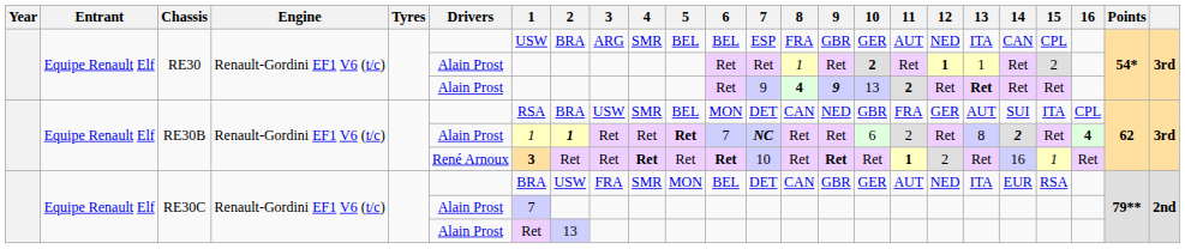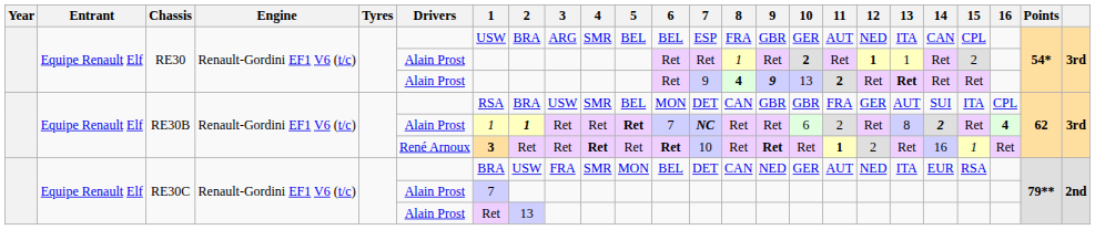 <table class="wikitable" style="text-align:center; font-size:95%">
 <tr>
 <th>Year</th>
 <th>Entrant</th>
 <th>Chassis</th>
 <th>Engine</th>
 <th>Tyres</th>
 <th>Drivers</th>
 <th>1</th>
 <th>2</th>
 <th>3</th>
 <th>4</th>
 <th>5</th>
 <th>6</th>
 <th>7</th>
 <th>8</th>
 <th>9</th>
 <th>10</th>
 <th>11</th>
 <th>12</th>
 <th>13</th>
 <th>14</th>
 <th>15</th>
 <th>16</th>
 <th>Points</th>
 <th></th>
 </tr>
 <tr>
 <th rowspan="3"></th>
 <td rowspan="3"><a href='#'>Equipe Renault</a> <a href='#'>Elf</a></td>
 <td rowspan="3">RE30</td>
 <td rowspan="3">Renault-Gordini <a href='#'>EF1</a> <a href='#'>V6</a> (<a href='#'>t/c</a>)</td>
 <td rowspan="3"></td>
 <td></td>
 <td><a href='#'>USW</a></td>
 <td><a href='#'>BRA</a></td>
 <td><a href='#'>ARG</a></td>
 <td><a href='#'>SMR</a></td>
 <td><a href='#'>BEL</a></td>
 <td><a href='#'>BEL</a></td>
 <td><a href='#'>ESP</a></td>
 <td><a href='#'>FRA</a></td>
 <td><a href='#'>GBR</a></td>
 <td><a href='#'>GER</a></td>
 <td><a href='#'>AUT</a></td>
 <td><a href='#'>NED</a></td>
 <td><a href='#'>ITA</a></td>
 <td><a href='#'>CAN</a></td>
 <td><a href='#'>CPL</a></td>
 <td></td>
 <td rowspan="3" style="background:#FFDF9F;"><strong>54*</strong></td>
 <td rowspan="3" style="background:#FFDF9F;"><strong>3rd</strong></td>
 </tr>
 <tr>
 <td> <a href='#'>Alain Prost</a></td>
 <td></td>
 <td></td>
 <td></td>
 <td></td>
 <td></td>
 <td style="background:#EFCFFF;">Ret</td>
 <td style="background:#EFCFFF;">Ret</td>
 <td style="background:#FFFFBF;"><em>1</em></td>
 <td style="background:#EFCFFF;">Ret</td>
 <td style="background:#DFDFDF;"><strong>2</strong></td>
 <td style="background:#EFCFFF;">Ret</td>
 <td style="background:#FFFFBF;"><strong>1</strong></td>
 <td style="background:#FFFFBF;">1</td>
 <td style="background:#EFCFFF;">Ret</td>
 <td style="background:#DFDFDF;">2</td>
 <td></td>
 </tr>
 <tr>
 <td> <a href='#'>Alain Prost</a></td>
 <td></td>
 <td></td>
 <td></td>
 <td></td>
 <td></td>
 <td style="background:#EFCFFF;">Ret</td>
 <td style="background:#CFCFFF;">9</td>
 <td style="background:#DFFFDF;"><strong>4</strong></td>
 <td style="background:#CFCFFF;"><strong><em>9</em></strong></td>
 <td style="background:#CFCFFF;">13</td>
 <td style="background:#DFDFDF;"><strong>2</strong></td>
 <td style="background:#EFCFFF;">Ret</td>
 <td style="background:#EFCFFF;"><strong>Ret</strong></td>
 <td style="background:#EFCFFF;">Ret</td>
 <td style="background:#EFCFFF;">Ret</td>
 <td></td>
 </tr>
 <tr>
 <th rowspan="3"></th>
 <td rowspan="3"><a href='#'>Equipe Renault</a> <a href='#'>Elf</a></td>
 <td rowspan="3">RE30B</td>
 <td rowspan="3">Renault-Gordini <a href='#'>EF1</a> <a href='#'>V6</a> (<a href='#'>t/c</a>)</td>
 <td rowspan="3"></td>
 <td></td>
 <td><a href='#'>RSA</a></td>
 <td><a href='#'>BRA</a></td>
 <td><a href='#'>USW</a></td>
 <td><a href='#'>SMR</a></td>
 <td><a href='#'>BEL</a></td>
 <td><a href='#'>MON</a></td>
 <td><a href='#'>DET</a></td>
 <td><a href='#'>CAN</a></td>
-<td><a href='#'>NED</a></td>
+<td><a href='#'>GBR</a></td>
 <td><a href='#'>GBR</a></td>
 <td><a href='#'>FRA</a></td>
 <td><a href='#'>GER</a></td>
 <td><a href='#'>AUT</a></td>
 <td><a href='#'>SUI</a></td>
 <td><a href='#'>ITA</a></td>
 <td><a href='#'>CPL</a></td>
 <td rowspan="3" style="background:#FFDF9F;"><strong>62</strong></td>
 <td rowspan="3" style="background:#FFDF9F;"><strong>3rd</strong></td>
 </tr>
 <tr>
 <td> <a href='#'>Alain Prost</a></td>
 <td style="background:#FFFFBF;"><em>1</em></td>
 <td style="background:#FFFFBF;"><strong><em>1</em></strong></td>
 <td style="background:#EFCFFF;">Ret</td>
 <td style="background:#EFCFFF;">Ret</td>
 <td style="background:#EFCFFF;"><strong>Ret</strong></td>
 <td style="background:#CFCFFF;">7</td>
 <td style="background:#CFCFFF;"><strong><em>NC</em></strong></td>
 <td style="background:#EFCFFF;">Ret</td>
 <td style="background:#EFCFFF;">Ret</td>
 <td style="background:#DFFFDF;">6</td>
 <td style="background:#DFDFDF;">2</td>
 <td style="background:#EFCFFF;">Ret</td>
 <td style="background:#CFCFFF;">8</td>
 <td style="background:#DFDFDF;"><strong><em>2</em></strong></td>
 <td style="background:#EFCFFF;">Ret</td>
 <td style="background:#DFFFDF;"><strong>4</strong></td>
 </tr>
 <tr>
 <td> <a href='#'>René Arnoux</a></td>
 <td style="background:#FFDF9F;"><strong>3</strong></td>
 <td style="background:#EFCFFF;">Ret</td>
 <td style="background:#EFCFFF;">Ret</td>
 <td style="background:#EFCFFF;"><strong>Ret</strong></td>
 <td style="background:#EFCFFF;">Ret</td>
 <td style="background:#EFCFFF;"><strong>Ret</strong></td>
 <td style="background:#CFCFFF;">10</td>
 <td style="background:#EFCFFF;">Ret</td>
 <td style="background:#EFCFFF;"><strong>Ret</strong></td>
 <td style="background:#EFCFFF;">Ret</td>
 <td style="background:#FFFFBF;"><strong>1</strong></td>
 <td style="background:#DFDFDF;">2</td>
 <td style="background:#EFCFFF;">Ret</td>
 <td style="background:#CFCFFF;">16</td>
 <td style="background:#FFFFBF;"><em>1</em></td>
 <td style="background:#EFCFFF;">Ret</td>
 </tr>
 <tr>
 <th rowspan="3"></th>
 <td rowspan="3"><a href='#'>Equipe Renault</a> <a href='#'>Elf</a></td>
 <td rowspan="3">RE30C</td>
 <td rowspan="3">Renault-Gordini <a href='#'>EF1</a> <a href='#'>V6</a> (<a href='#'>t/c</a>)</td>
 <td rowspan="3"></td>
 <td></td>
 <td><a href='#'>BRA</a></td>
 <td><a href='#'>USW</a></td>
 <td><a href='#'>FRA</a></td>
 <td><a href='#'>SMR</a></td>
 <td><a href='#'>MON</a></td>
 <td><a href='#'>BEL</a></td>
 <td><a href='#'>DET</a></td>
 <td><a href='#'>CAN</a></td>
-<td><a href='#'>GBR</a></td>
+<td><a href='#'>NED</a></td>
 <td><a href='#'>GER</a></td>
 <td><a href='#'>AUT</a></td>
 <td><a href='#'>NED</a></td>
 <td><a href='#'>ITA</a></td>
 <td><a href='#'>EUR</a></td>
 <td><a href='#'>RSA</a></td>
 <td></td>
 <td rowspan="3" style="background:#DFDFDF;"><strong>79**</strong></td>
 <td rowspan="3" style="background:#DFDFDF;"><strong>2nd</strong></td>
 </tr>
 <tr>
 <td> <a href='#'>Alain Prost</a></td>
 <td style="background:#CFCFFF;">7</td>
 <td></td>
 <td></td>
 <td></td>
 <td></td>
 <td></td>
 <td></td>
 <td></td>
 <td></td>
 <td></td>
 <td></td>
 <td></td>
 <td></td>
 <td></td>
 <td></td>
 <td></td>
 </tr>
 <tr>
 <td> <a href='#'>Alain Prost</a></td>
 <td style="background:#EFCFFF;">Ret</td>
 <td style="background:#CFCFFF;">13</td>
 <td></td>
 <td></td>
 <td></td>
 <td></td>
 <td></td>
 <td></td>
 <td></td>
 <td></td>
 <td></td>
 <td></td>
 <td></td>
 <td></td>
 <td></td>
 <td></td>
 </tr>
 </table>
